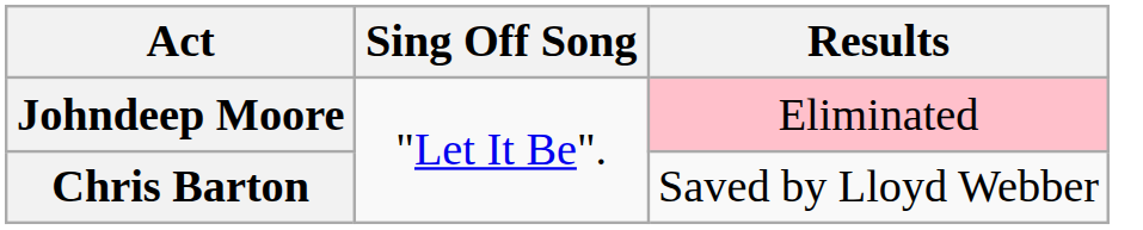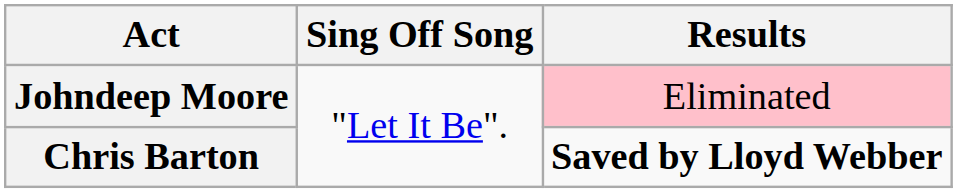 <table class="wikitable plainrowheaders" style="text-align:center;">
 <tr>
 <th scope="col">Act</th>
 <th scope="col">Sing Off Song</th>
 <th scope="col">Results</th>
 </tr>
 <tr>
 <th scope="row">Johndeep Moore</th>
 <td rowspan="2">"<a href='#'>Let It Be</a>".</td>
 <td style="background:pink;">Eliminated</td>
 </tr>
 <tr>
 <th scope="row">Chris Barton</th>
-<td>Saved by Lloyd Webber</td>
+<td><strong>Saved by Lloyd Webber</strong></td>
 </tr>
 </table>
